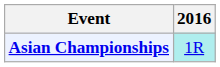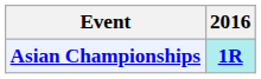 <table class="wikitable" style="font-size: 90%; text-align:center">
 <tr>
 <th>Event</th>
 <th>2016</th>
 </tr>
 <tr>
 <td bgcolor="#ECF2FF"; align="left"><strong><a href='#'>Asian Championships</a></strong></td>
-<td bgcolor=AFEEEE><a href='#'>1R</a></td>
+<td bgcolor=AFEEEE><strong><a href='#'>1R</a></strong></td>
 </tr>
 </table>
